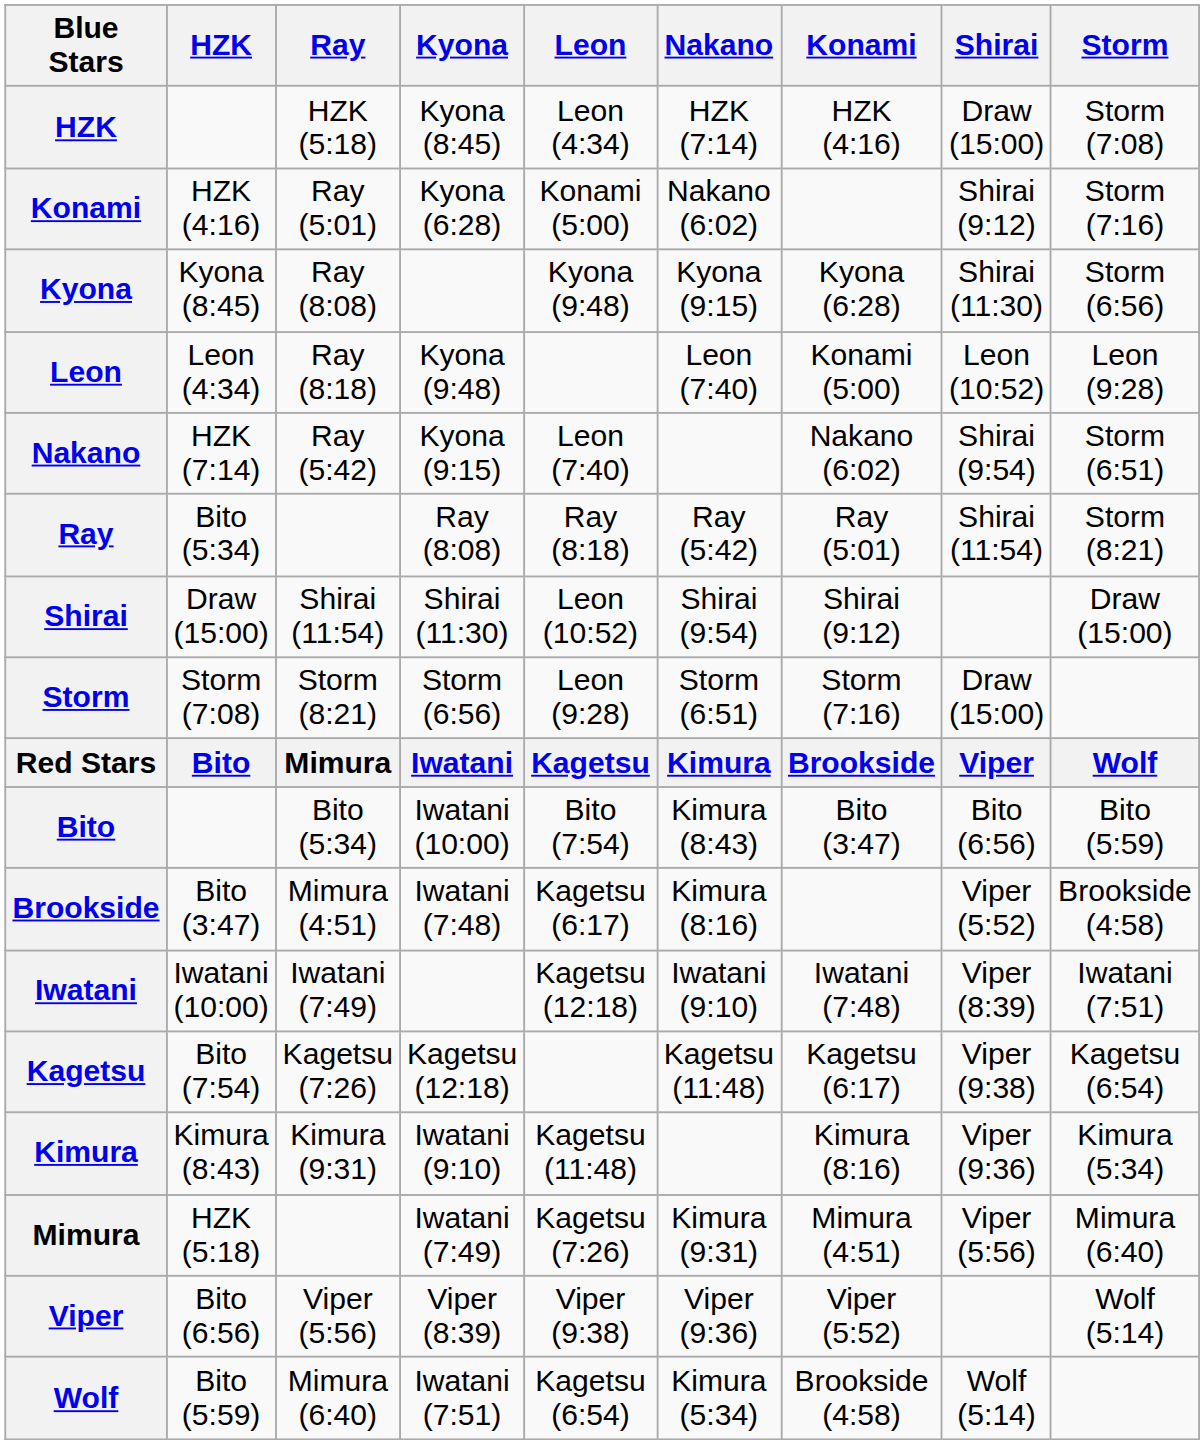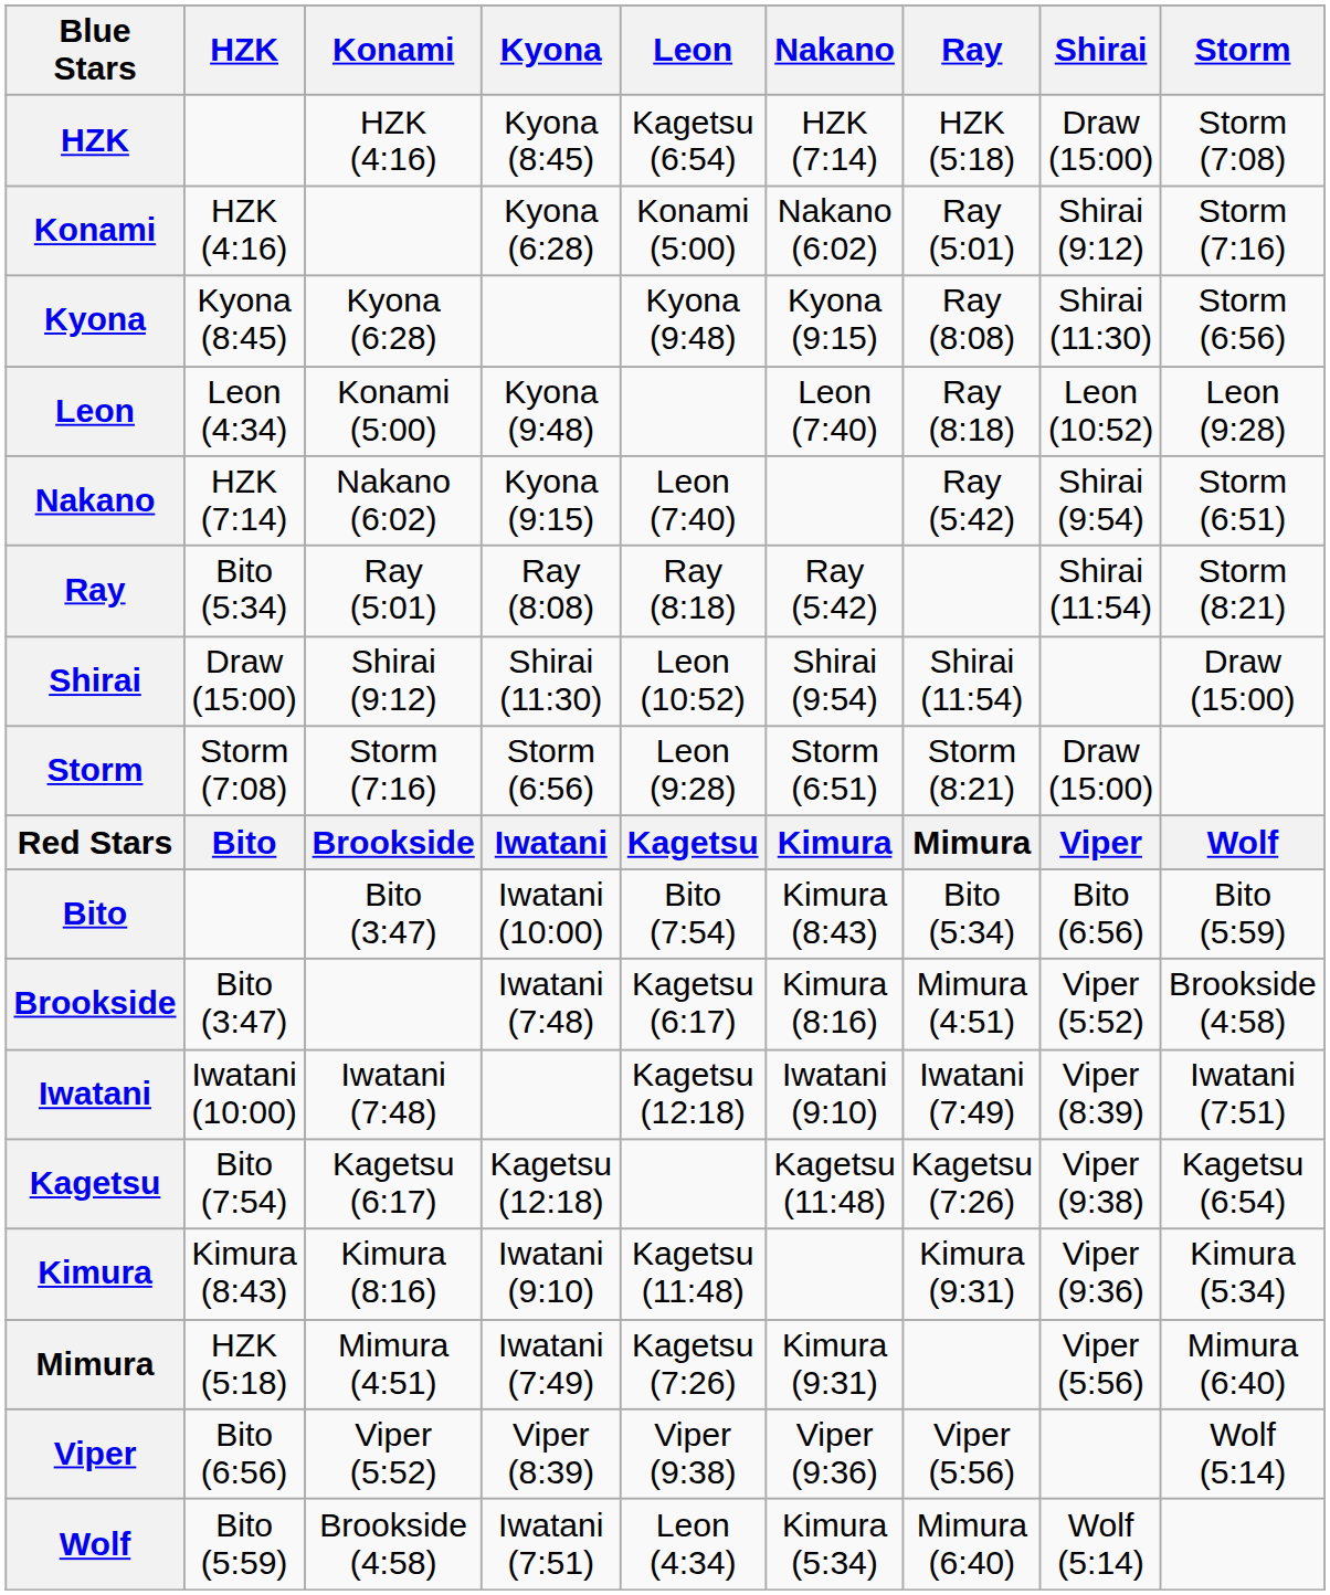 <table class="wikitable" style="text-align:center; margin: 1em auto 1em auto;" width="25%">
 <tr>
 <th>Blue Stars</th>
 <th><a href='#'>HZK</a></th>
-<th><a href='#'>Ray</a></th>
+<th><a href='#'>Konami</a></th>
 <th><a href='#'>Kyona</a></th>
 <th><a href='#'>Leon</a></th>
 <th><a href='#'>Nakano</a></th>
-<th><a href='#'>Konami</a></th>
+<th><a href='#'>Ray</a></th>
 <th><a href='#'>Shirai</a></th>
 <th><a href='#'>Storm</a></th>
 </tr>
 <tr>
 <th><a href='#'>HZK</a></th>
 <td></td>
+<td>HZK<br>(4:16)</td>
+<td>Kyona<br>(8:45)</td>
+<td>Kagetsu<br>(6:54)</td>
+<td>HZK<br>(7:14)</td>
 <td>HZK<br>(5:18)</td>
-<td>Kyona<br>(8:45)</td>
-<td>Leon<br>(4:34)</td>
-<td>HZK<br>(7:14)</td>
-<td>HZK<br>(4:16)</td>
 <td>Draw<br>(15:00)</td>
 <td>Storm<br>(7:08)</td>
 </tr>
 <tr>
 <th><a href='#'>Konami</a></th>
 <td>HZK<br>(4:16)</td>
-<td>Ray<br>(5:01)</td>
+<td></td>
 <td>Kyona<br>(6:28)</td>
 <td>Konami<br>(5:00)</td>
 <td>Nakano<br>(6:02)</td>
-<td></td>
+<td>Ray<br>(5:01)</td>
 <td>Shirai<br>(9:12)</td>
 <td>Storm<br>(7:16)</td>
 </tr>
 <tr>
 <th><a href='#'>Kyona</a></th>
 <td>Kyona<br>(8:45)</td>
-<td>Ray<br>(8:08)</td>
+<td>Kyona<br>(6:28)</td>
 <td></td>
 <td>Kyona<br>(9:48)</td>
 <td>Kyona<br>(9:15)</td>
-<td>Kyona<br>(6:28)</td>
+<td>Ray<br>(8:08)</td>
 <td>Shirai<br>(11:30)</td>
 <td>Storm<br>(6:56)</td>
 </tr>
 <tr>
 <th><a href='#'>Leon</a></th>
 <td>Leon<br>(4:34)</td>
-<td>Ray<br>(8:18)</td>
+<td>Konami<br>(5:00)</td>
 <td>Kyona<br>(9:48)</td>
 <td></td>
 <td>Leon<br>(7:40)</td>
-<td>Konami<br>(5:00)</td>
+<td>Ray<br>(8:18)</td>
 <td>Leon<br>(10:52)</td>
 <td>Leon<br>(9:28)</td>
 </tr>
 <tr>
 <th><a href='#'>Nakano</a></th>
 <td>HZK<br>(7:14)</td>
-<td>Ray<br>(5:42)</td>
+<td>Nakano<br>(6:02)</td>
 <td>Kyona<br>(9:15)</td>
 <td>Leon<br>(7:40)</td>
 <td></td>
-<td>Nakano<br>(6:02)</td>
+<td>Ray<br>(5:42)</td>
 <td>Shirai<br>(9:54)</td>
 <td>Storm<br>(6:51)</td>
 </tr>
 <tr>
 <th><a href='#'>Ray</a></th>
 <td>Bito<br>(5:34)</td>
-<td></td>
+<td>Ray<br>(5:01)</td>
 <td>Ray<br>(8:08)</td>
 <td>Ray<br>(8:18)</td>
 <td>Ray<br>(5:42)</td>
-<td>Ray<br>(5:01)</td>
+<td></td>
 <td>Shirai<br>(11:54)</td>
 <td>Storm<br>(8:21)</td>
 </tr>
 <tr>
 <th><a href='#'>Shirai</a></th>
 <td>Draw<br>(15:00)</td>
-<td>Shirai<br>(11:54)</td>
+<td>Shirai<br>(9:12)</td>
 <td>Shirai<br>(11:30)</td>
 <td>Leon<br>(10:52)</td>
 <td>Shirai<br>(9:54)</td>
-<td>Shirai<br>(9:12)</td>
+<td>Shirai<br>(11:54)</td>
 <td></td>
 <td>Draw<br>(15:00)</td>
 </tr>
 <tr>
 <th><a href='#'>Storm</a></th>
 <td>Storm<br>(7:08)</td>
-<td>Storm<br>(8:21)</td>
+<td>Storm<br>(7:16)</td>
 <td>Storm<br>(6:56)</td>
 <td>Leon<br>(9:28)</td>
 <td>Storm<br>(6:51)</td>
-<td>Storm<br>(7:16)</td>
+<td>Storm<br>(8:21)</td>
 <td>Draw<br>(15:00)</td>
 <td></td>
 </tr>
 <tr>
 <th>Red Stars</th>
 <th><a href='#'>Bito</a></th>
-<th>Mimura</th>
+<th><a href='#'>Brookside</a></th>
 <th><a href='#'>Iwatani</a></th>
 <th><a href='#'>Kagetsu</a></th>
 <th><a href='#'>Kimura</a></th>
-<th><a href='#'>Brookside</a></th>
+<th>Mimura</th>
 <th><a href='#'>Viper</a></th>
 <th><a href='#'>Wolf</a></th>
 </tr>
 <tr>
 <th><a href='#'>Bito</a></th>
 <td></td>
-<td>Bito<br>(5:34)</td>
+<td>Bito<br>(3:47)</td>
 <td>Iwatani<br>(10:00)</td>
 <td>Bito<br>(7:54)</td>
 <td>Kimura<br>(8:43)</td>
-<td>Bito<br>(3:47)</td>
+<td>Bito<br>(5:34)</td>
 <td>Bito<br>(6:56)</td>
 <td>Bito<br>(5:59)</td>
 </tr>
 <tr>
 <th><a href='#'>Brookside</a></th>
 <td>Bito<br>(3:47)</td>
-<td>Mimura<br>(4:51)</td>
+<td></td>
 <td>Iwatani<br>(7:48)</td>
 <td>Kagetsu<br>(6:17)</td>
 <td>Kimura<br>(8:16)</td>
-<td></td>
+<td>Mimura<br>(4:51)</td>
 <td>Viper<br>(5:52)</td>
 <td>Brookside<br>(4:58)</td>
 </tr>
 <tr>
 <th><a href='#'>Iwatani</a></th>
 <td>Iwatani<br>(10:00)</td>
-<td>Iwatani<br>(7:49)</td>
+<td>Iwatani<br>(7:48)</td>
 <td></td>
 <td>Kagetsu<br>(12:18)</td>
 <td>Iwatani<br>(9:10)</td>
-<td>Iwatani<br>(7:48)</td>
+<td>Iwatani<br>(7:49)</td>
 <td>Viper<br>(8:39)</td>
 <td>Iwatani<br>(7:51)</td>
 </tr>
 <tr>
 <th><a href='#'>Kagetsu</a></th>
 <td>Bito<br>(7:54)</td>
-<td>Kagetsu<br>(7:26)</td>
+<td>Kagetsu<br>(6:17)</td>
 <td>Kagetsu<br>(12:18)</td>
 <td></td>
 <td>Kagetsu<br>(11:48)</td>
-<td>Kagetsu<br>(6:17)</td>
+<td>Kagetsu<br>(7:26)</td>
 <td>Viper<br>(9:38)</td>
 <td>Kagetsu<br>(6:54)</td>
 </tr>
 <tr>
 <th><a href='#'>Kimura</a></th>
 <td>Kimura<br>(8:43)</td>
-<td>Kimura<br>(9:31)</td>
+<td>Kimura<br>(8:16)</td>
 <td>Iwatani<br>(9:10)</td>
 <td>Kagetsu<br>(11:48)</td>
 <td></td>
-<td>Kimura<br>(8:16)</td>
+<td>Kimura<br>(9:31)</td>
 <td>Viper<br>(9:36)</td>
 <td>Kimura<br>(5:34)</td>
 </tr>
 <tr>
 <th>Mimura</th>
 <td>HZK<br>(5:18)</td>
-<td></td>
+<td>Mimura<br>(4:51)</td>
 <td>Iwatani<br>(7:49)</td>
 <td>Kagetsu<br>(7:26)</td>
 <td>Kimura<br>(9:31)</td>
-<td>Mimura<br>(4:51)</td>
+<td></td>
 <td>Viper<br>(5:56)</td>
 <td>Mimura<br>(6:40)</td>
 </tr>
 <tr>
 <th><a href='#'>Viper</a></th>
 <td>Bito<br>(6:56)</td>
-<td>Viper<br>(5:56)</td>
+<td>Viper<br>(5:52)</td>
 <td>Viper<br>(8:39)</td>
 <td>Viper<br>(9:38)</td>
 <td>Viper<br>(9:36)</td>
-<td>Viper<br>(5:52)</td>
+<td>Viper<br>(5:56)</td>
 <td></td>
 <td>Wolf<br>(5:14)</td>
 </tr>
 <tr>
 <th><a href='#'>Wolf</a></th>
 <td>Bito<br>(5:59)</td>
+<td>Brookside<br>(4:58)</td>
+<td>Iwatani<br>(7:51)</td>
+<td>Leon<br>(4:34)</td>
+<td>Kimura<br>(5:34)</td>
 <td>Mimura<br>(6:40)</td>
-<td>Iwatani<br>(7:51)</td>
-<td>Kagetsu<br>(6:54)</td>
-<td>Kimura<br>(5:34)</td>
-<td>Brookside<br>(4:58)</td>
 <td>Wolf<br>(5:14)</td>
 <td></td>
 </tr>
 </table>
